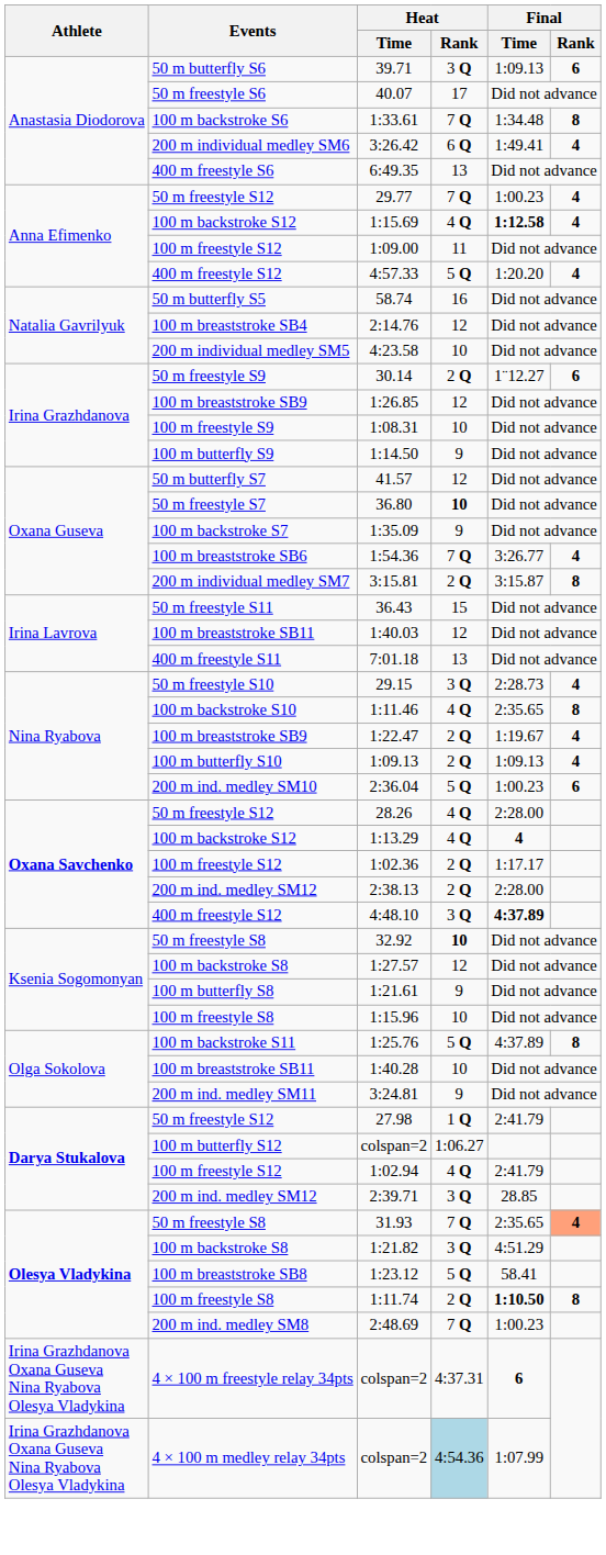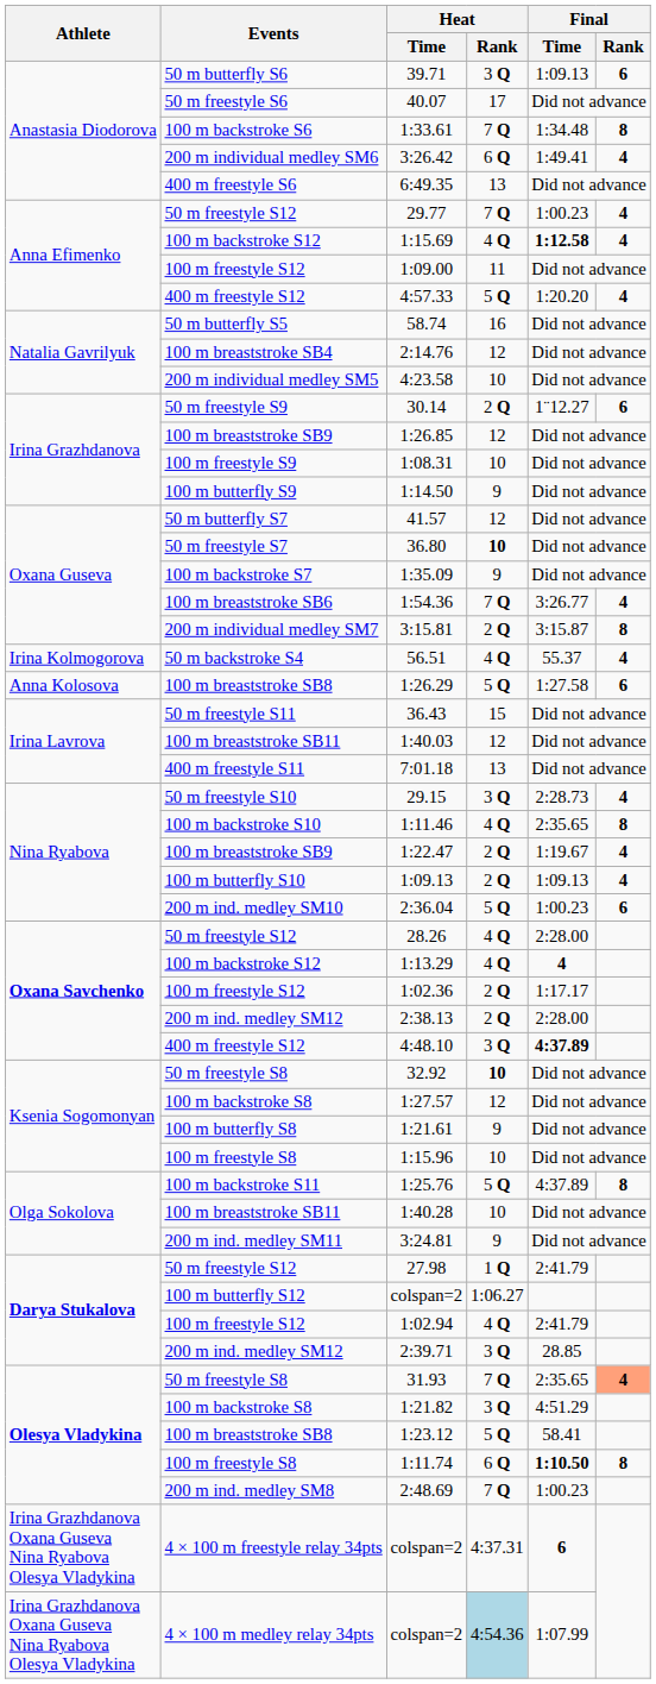 <table class=wikitable>
 <tr>
 <th rowspan="2">Athlete</th>
 <th rowspan="2">Events</th>
 <th colspan="2">Heat</th>
 <th colspan="2">Final</th>
 </tr>
 <tr>
 <th>Time</th>
 <th>Rank</th>
 <th>Time</th>
 <th>Rank</th>
 </tr>
 <tr>
 <td rowspan=5><a href='#'>Anastasia Diodorova</a></td>
 <td><a href='#'>50 m butterfly S6</a></td>
 <td align="center">39.71</td>
 <td align="center">3 <strong>Q</strong></td>
 <td align="center">1:09.13</td>
 <td align="center"><strong>6</strong></td>
 </tr>
 <tr>
 <td><a href='#'>50 m freestyle S6</a></td>
 <td align="center">40.07</td>
 <td align="center">17</td>
 <td align="center" colspan=2>Did not advance</td>
 </tr>
 <tr>
 <td><a href='#'>100 m backstroke S6</a></td>
 <td align="center">1:33.61</td>
 <td align="center">7 <strong>Q</strong></td>
 <td align="center">1:34.48</td>
 <td align="center"><strong>8</strong></td>
 </tr>
 <tr>
 <td><a href='#'>200 m individual medley SM6</a></td>
 <td align="center">3:26.42</td>
 <td align="center">6 <strong>Q</strong></td>
 <td align="center">1:49.41</td>
 <td align="center"><strong>4</strong></td>
 </tr>
 <tr>
 <td><a href='#'>400 m freestyle S6</a></td>
 <td align="center">6:49.35</td>
 <td align="center">13</td>
 <td align="center" colspan=2>Did not advance</td>
 </tr>
 <tr>
 <td rowspan=4><a href='#'>Anna Efimenko</a></td>
 <td><a href='#'>50 m freestyle S12</a></td>
 <td align="center">29.77</td>
 <td align="center">7 <strong>Q</strong></td>
 <td align="center">1:00.23</td>
 <td align="center"><strong>4</strong></td>
 </tr>
 <tr>
 <td><a href='#'>100 m backstroke S12</a></td>
 <td align="center">1:15.69</td>
 <td align="center">4 <strong>Q</strong></td>
 <td align="center"><strong>1:12.58</strong></td>
 <td align="center"><strong>4</strong></td>
 </tr>
 <tr>
 <td><a href='#'>100 m freestyle S12</a></td>
 <td align="center">1:09.00</td>
 <td align="center">11</td>
 <td align="center" colspan=2>Did not advance</td>
 </tr>
 <tr>
 <td><a href='#'>400 m freestyle S12</a></td>
 <td align="center">4:57.33</td>
 <td align="center">5 <strong>Q</strong></td>
 <td align="center">1:20.20</td>
 <td align="center"><strong>4</strong></td>
 </tr>
 <tr>
 <td rowspan=3><a href='#'>Natalia Gavrilyuk</a></td>
 <td><a href='#'>50 m butterfly S5</a></td>
 <td align="center">58.74</td>
 <td align="center">16</td>
 <td align="center" colspan=2>Did not advance</td>
 </tr>
 <tr>
 <td><a href='#'>100 m breaststroke SB4</a></td>
 <td align="center">2:14.76</td>
 <td align="center">12</td>
 <td align="center" colspan=2>Did not advance</td>
 </tr>
 <tr>
 <td><a href='#'>200 m individual medley SM5</a></td>
 <td align="center">4:23.58</td>
 <td align="center">10</td>
 <td align="center" colspan=2>Did not advance</td>
 </tr>
 <tr>
 <td rowspan=4><a href='#'>Irina Grazhdanova</a></td>
 <td><a href='#'>50 m freestyle S9</a></td>
 <td align="center">30.14</td>
 <td align="center">2 <strong>Q</strong></td>
 <td align="center">1¨12.27</td>
 <td align="center"><strong>6</strong></td>
 </tr>
 <tr>
 <td><a href='#'>100 m breaststroke SB9</a></td>
 <td align="center">1:26.85</td>
 <td align="center">12</td>
 <td align="center" colspan=2>Did not advance</td>
 </tr>
 <tr>
 <td><a href='#'>100 m freestyle S9</a></td>
 <td align="center">1:08.31</td>
 <td align="center">10</td>
 <td align="center" colspan=2>Did not advance</td>
 </tr>
 <tr>
 <td><a href='#'>100 m butterfly S9</a></td>
 <td align="center">1:14.50</td>
 <td align="center">9</td>
 <td align="center" colspan=2>Did not advance</td>
 </tr>
 <tr>
 <td rowspan=5><a href='#'>Oxana Guseva</a></td>
 <td><a href='#'>50 m butterfly S7</a></td>
 <td align="center">41.57</td>
 <td align="center">12</td>
 <td align="center" colspan=2>Did not advance</td>
 </tr>
 <tr>
 <td><a href='#'>50 m freestyle S7</a></td>
 <td align="center">36.80</td>
 <td align="center"><strong>10</strong></td>
 <td align="center" colspan=2>Did not advance</td>
 </tr>
 <tr>
 <td><a href='#'>100 m backstroke S7</a></td>
 <td align="center">1:35.09</td>
 <td align="center">9</td>
 <td align="center" colspan=2>Did not advance</td>
 </tr>
 <tr>
 <td><a href='#'>100 m breaststroke SB6</a></td>
 <td align="center">1:54.36</td>
 <td align="center">7 <strong>Q</strong></td>
 <td align="center">3:26.77</td>
 <td align="center"><strong>4</strong></td>
 </tr>
 <tr>
 <td><a href='#'>200 m individual medley SM7</a></td>
 <td align="center">3:15.81</td>
 <td align="center">2 <strong>Q</strong></td>
 <td align="center">3:15.87</td>
 <td align="center"><strong>8</strong></td>
+</tr>
+<tr>
+<td><a href='#'>Irina Kolmogorova</a></td>
+<td><a href='#'>50 m backstroke S4</a></td>
+<td align="center">56.51</td>
+<td align="center">4 <strong>Q</strong></td>
+<td align="center">55.37</td>
+<td align="center"><strong>4</strong></td>
+</tr>
+<tr>
+<td><a href='#'>Anna Kolosova</a></td>
+<td><a href='#'>100 m breaststroke SB8</a></td>
+<td align="center">1:26.29</td>
+<td align="center">5 <strong>Q</strong></td>
+<td align="center">1:27.58</td>
+<td align="center"><strong>6</strong></td>
 </tr>
 <tr>
 <td rowspan=3><a href='#'>Irina Lavrova</a></td>
 <td><a href='#'>50 m freestyle S11</a></td>
 <td align="center">36.43</td>
 <td align="center">15</td>
 <td align="center" colspan=2>Did not advance</td>
 </tr>
 <tr>
 <td><a href='#'>100 m breaststroke SB11</a></td>
 <td align="center">1:40.03</td>
 <td align="center">12</td>
 <td align="center" colspan=2>Did not advance</td>
 </tr>
 <tr>
 <td><a href='#'>400 m freestyle S11</a></td>
 <td align="center">7:01.18</td>
 <td align="center">13</td>
 <td align="center" colspan=2>Did not advance</td>
 </tr>
 <tr>
 <td rowspan=5><a href='#'>Nina Ryabova</a></td>
 <td><a href='#'>50 m freestyle S10</a></td>
 <td align="center">29.15</td>
 <td align="center">3 <strong>Q</strong></td>
 <td align="center">2:28.73</td>
 <td align="center"><strong>4</strong></td>
 </tr>
 <tr>
 <td><a href='#'>100 m backstroke S10</a></td>
 <td align="center">1:11.46</td>
 <td align="center">4 <strong>Q</strong></td>
 <td align="center">2:35.65</td>
 <td align="center"><strong>8</strong></td>
 </tr>
 <tr>
 <td><a href='#'>100 m breaststroke SB9</a></td>
 <td align="center">1:22.47</td>
 <td align="center">2 <strong>Q</strong></td>
 <td align="center">1:19.67</td>
 <td align="center"><strong>4</strong></td>
 </tr>
 <tr>
 <td><a href='#'>100 m butterfly S10</a></td>
 <td align="center">1:09.13</td>
 <td align="center">2 <strong>Q</strong></td>
 <td align="center">1:09.13</td>
 <td align="center"><strong>4</strong></td>
 </tr>
 <tr>
 <td><a href='#'>200 m ind. medley SM10</a></td>
 <td align="center">2:36.04</td>
 <td align="center">5 <strong>Q</strong></td>
 <td align="center">1:00.23</td>
 <td align="center"><strong>6</strong></td>
 </tr>
 <tr>
 <td rowspan=5><strong><a href='#'>Oxana Savchenko</a></strong></td>
 <td><a href='#'>50 m freestyle S12</a></td>
 <td align="center">28.26</td>
 <td align="center">4 <strong>Q</strong></td>
 <td align="center">2:28.00 <strong></strong></td>
 <td align="center"></td>
 </tr>
 <tr>
 <td><a href='#'>100 m backstroke S12</a></td>
 <td align="center">1:13.29</td>
 <td align="center">4 <strong>Q</strong></td>
 <td align="center"><strong>4</strong></td>
 <td align="center"></td>
 </tr>
 <tr>
 <td><a href='#'>100 m freestyle S12</a></td>
 <td align="center">1:02.36</td>
 <td align="center">2 <strong>Q</strong></td>
 <td align="center">1:17.17 <strong></strong></td>
 <td align="center"></td>
 </tr>
 <tr>
 <td><a href='#'>200 m ind. medley SM12</a></td>
 <td align="center">2:38.13</td>
 <td align="center">2 <strong>Q</strong></td>
 <td align="center">2:28.00 <strong></strong></td>
 <td align="center"></td>
 </tr>
 <tr>
 <td><a href='#'>400 m freestyle S12</a></td>
 <td align="center">4:48.10</td>
 <td align="center">3 <strong>Q</strong></td>
 <td align="center"><strong>4:37.89</strong></td>
 <td align="center"></td>
 </tr>
 <tr>
 <td rowspan=4><a href='#'>Ksenia Sogomonyan</a></td>
 <td><a href='#'>50 m freestyle S8</a></td>
 <td align="center">32.92</td>
 <td align="center"><strong>10</strong></td>
 <td align="center" colspan=2>Did not advance</td>
 </tr>
 <tr>
 <td><a href='#'>100 m backstroke S8</a></td>
 <td align="center">1:27.57</td>
 <td align="center">12</td>
 <td align="center" colspan=2>Did not advance</td>
 </tr>
 <tr>
 <td><a href='#'>100 m butterfly S8</a></td>
 <td align="center">1:21.61</td>
 <td align="center">9</td>
 <td align="center" colspan=2>Did not advance</td>
 </tr>
 <tr>
 <td><a href='#'>100 m freestyle S8</a></td>
 <td align="center">1:15.96</td>
 <td align="center">10</td>
 <td align="center" colspan=2>Did not advance</td>
 </tr>
 <tr>
 <td rowspan=3><a href='#'>Olga Sokolova</a></td>
 <td><a href='#'>100 m backstroke S11</a></td>
 <td align="center">1:25.76</td>
 <td align="center">5 <strong>Q</strong></td>
 <td align="center">4:37.89</td>
 <td align="center"><strong>8</strong></td>
 </tr>
 <tr>
 <td><a href='#'>100 m breaststroke SB11</a></td>
 <td align="center">1:40.28</td>
 <td align="center">10</td>
 <td align="center" colspan=2>Did not advance</td>
 </tr>
 <tr>
 <td><a href='#'>200 m ind. medley SM11</a></td>
 <td align="center">3:24.81</td>
 <td align="center">9</td>
 <td align="center" colspan=2>Did not advance</td>
 </tr>
 <tr>
 <td rowspan=4><strong><a href='#'>Darya Stukalova</a></strong></td>
 <td><a href='#'>50 m freestyle S12</a></td>
 <td align="center">27.98</td>
 <td align="center">1 <strong>Q</strong></td>
 <td align="center">2:41.79</td>
 <td align="center"></td>
 </tr>
 <tr>
 <td><a href='#'>100 m butterfly S12</a></td>
 <td>colspan=2 </td>
 <td align="center">1:06.27</td>
 <td align="center"></td>
 </tr>
 <tr>
 <td><a href='#'>100 m freestyle S12</a></td>
 <td align="center">1:02.94</td>
 <td align="center">4 <strong>Q</strong></td>
 <td align="center">2:41.79</td>
 <td align="center"></td>
 </tr>
 <tr>
 <td><a href='#'>200 m ind. medley SM12</a></td>
 <td align="center">2:39.71</td>
 <td align="center">3 <strong>Q</strong></td>
 <td align="center">28.85</td>
 <td align="center"></td>
 </tr>
 <tr>
 <td rowspan=5><strong><a href='#'>Olesya Vladykina</a></strong></td>
 <td><a href='#'>50 m freestyle S8</a></td>
 <td align="center">31.93</td>
 <td align="center">7 <strong>Q</strong></td>
 <td align="center">2:35.65</td>
 <td align="center" style="background: lightsalmon;"><strong>4</strong></td>
 </tr>
 <tr>
 <td><a href='#'>100 m backstroke S8</a></td>
 <td align="center">1:21.82</td>
 <td align="center">3 <strong>Q</strong></td>
 <td align="center">4:51.29</td>
 <td align="center"></td>
 </tr>
 <tr>
 <td><a href='#'>100 m breaststroke SB8</a></td>
 <td align="center">1:23.12</td>
 <td align="center">5 <strong>Q</strong></td>
 <td align="center">58.41 <strong></strong></td>
 <td align="center"></td>
 </tr>
 <tr>
 <td><a href='#'>100 m freestyle S8</a></td>
 <td align="center">1:11.74</td>
-<td align="center">2 <strong>Q</strong></td>
+<td align="center">6 <strong>Q</strong></td>
 <td align="center"><strong>1:10.50</strong></td>
 <td align="center"><strong>8</strong></td>
 </tr>
 <tr>
 <td><a href='#'>200 m ind. medley SM8</a></td>
 <td align="center">2:48.69</td>
 <td align="center">7 <strong>Q</strong></td>
 <td align="center">1:00.23</td>
 <td align="center"></td>
 </tr>
 <tr>
 <td><a href='#'>Irina Grazhdanova</a><br><a href='#'>Oxana Guseva</a><br><a href='#'>Nina Ryabova</a><br><a href='#'>Olesya Vladykina</a></td>
 <td><a href='#'>4 × 100 m freestyle relay 34pts</a></td>
 <td>colspan=2 </td>
 <td align="center">4:37.31</td>
 <td align="center"><strong>6</strong></td>
 </tr>
 <tr>
 <td><a href='#'>Irina Grazhdanova</a><br><a href='#'>Oxana Guseva</a><br><a href='#'>Nina Ryabova</a><br><a href='#'>Olesya Vladykina</a></td>
 <td><a href='#'>4 × 100 m medley relay 34pts</a></td>
 <td>colspan=2 </td>
 <td align="center" style="background: lightblue;">4:54.36</td>
 <td align="center">1:07.99 <strong></strong></td>
 </tr>
 </table>
